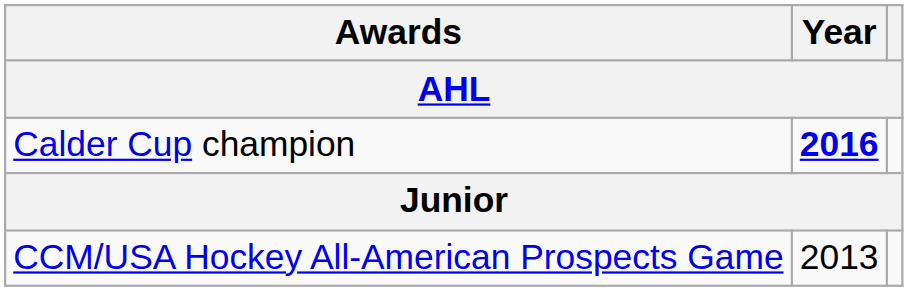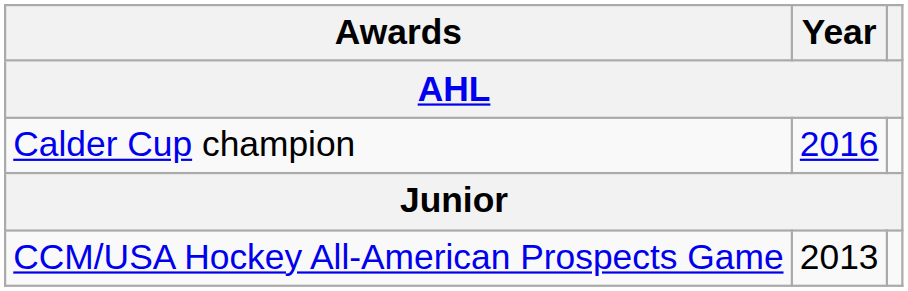 <table class="wikitable">
 <tr>
 <th>Awards</th>
 <th>Year</th>
 <th></th>
 </tr>
 <tr>
 <th colspan="3"><a href='#'>AHL</a></th>
 </tr>
 <tr>
 <td><a href='#'>Calder Cup</a> champion</td>
-<td><strong><a href='#'>2016</a></strong></td>
+<td><a href='#'>2016</a></td>
 <td></td>
 </tr>
 <tr>
 <th colspan="3">Junior</th>
 </tr>
 <tr>
 <td><a href='#'>CCM/USA Hockey All-American Prospects Game</a></td>
 <td>2013</td>
 <td></td>
 </tr>
 </table>
